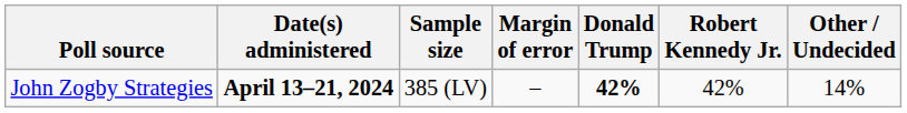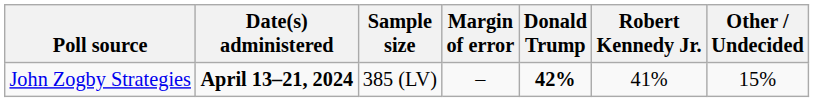 <table class="wikitable sortable mw-datatable" style="font-size:90%;text-align:center;line-height:17px">
 <tr valign=bottom>
 <th>Poll source</th>
 <th>Date(s)<br>administered</th>
 <th>Sample<br>size</th>
 <th>Margin<br>of error</th>
 <th class="unsortable">Donald<br>Trump<br></th>
 <th class="unsortable">Robert<br>Kennedy Jr.<br></th>
 <th class="unsortable">Other /<br>Undecided</th>
 </tr>
 <tr>
 <td style="text-align:left;"><a href='#'>John Zogby Strategies</a></td>
 <td data-sort-value="2024-05-01"><strong>April 13–21, 2024</strong></td>
 <td>385 (LV)</td>
 <td>–</td>
 <td style="background-color:"><strong>42%</strong></td>
-<td>42%</td>
-<td>14%</td>
+<td>41%</td>
+<td>15%</td>
 </tr>
 </table>
